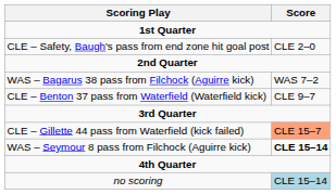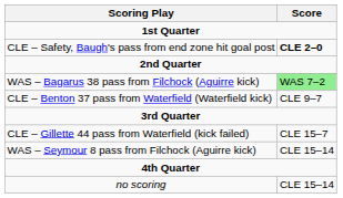 <table class="wikitable">
 <tr>
 <th>Scoring Play</th>
 <th>Score</th>
 </tr>
 <tr>
 <td colspan="4" align="center"><strong>1st Quarter</strong></td>
 </tr>
 <tr>
 <td>CLE – Safety, <a href='#'>Baugh</a>'s pass from end zone hit goal post</td>
-<td>CLE 2–0</td>
+<td><strong>CLE 2–0</strong></td>
 </tr>
 <tr>
 <td colspan="4" align="center"><strong>2nd Quarter</strong></td>
 </tr>
 <tr>
 <td>WAS – <a href='#'>Bagarus</a> 38 pass from <a href='#'>Filchock</a> (<a href='#'>Aguirre</a> kick)</td>
-<td>WAS 7–2</td>
+<td style="background: lightgreen;">WAS 7–2</td>
 </tr>
 <tr>
 <td>CLE – <a href='#'>Benton</a> 37 pass from <a href='#'>Waterfield</a> (Waterfield kick)</td>
 <td>CLE 9–7</td>
 </tr>
 <tr>
 <td colspan="4" align="center"><strong>3rd Quarter</strong></td>
 </tr>
 <tr>
 <td>CLE – <a href='#'>Gillette</a> 44 pass from Waterfield (kick failed)</td>
-<td style="background: lightsalmon;">CLE 15–7</td>
+<td>CLE 15–7</td>
 </tr>
 <tr>
 <td>WAS – <a href='#'>Seymour</a> 8 pass from Filchock (Aguirre kick)</td>
-<td><strong>CLE 15–14</strong></td>
+<td>CLE 15–14</td>
 </tr>
 <tr>
 <td colspan="4" align="center"><strong>4th Quarter</strong></td>
 </tr>
 <tr>
 <td align=center><em>no scoring</em></td>
-<td style="background: lightblue;">CLE 15–14</td>
+<td>CLE 15–14</td>
 </tr>
 </table>
